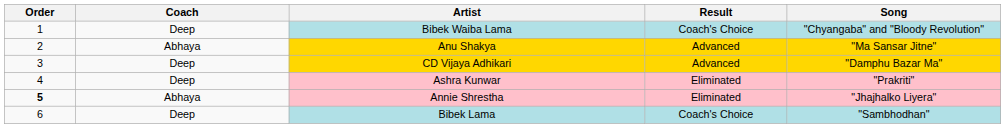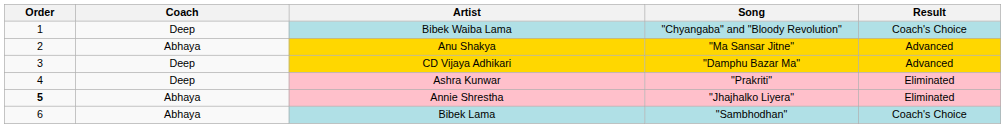 <table class="wikitable plainrowheaders" style="text-align:center; width:75%;">
 <tr>
 <th scope="col" style="width:05%;">Order</th>
 <th scope="col" style="width:15%;">Coach</th>
 <th scope="col" style="width:25%;">Artist</th>
+<th scope="col" style="width:15%;">Song</th>
 <th scope="col" style="width:10%;">Result</th>
-<th scope="col" style="width:15%;">Song</th>
 </tr>
 <tr>
 <td scope="row">1</td>
 <td>Deep</td>
 <td style="background:#b0e0e6">Bibek Waiba Lama</td>
+<td style="background:#b0e0e6">"Chyangaba" and "Bloody Revolution"</td>
 <td style="background:#b0e0e6">Coach's Choice</td>
-<td style="background:#b0e0e6">"Chyangaba" and "Bloody Revolution"</td>
 </tr>
 <tr>
 <td scope="row">2</td>
 <td>Abhaya</td>
 <td style="background:gold">Anu Shakya</td>
+<td style="background:gold">"Ma Sansar Jitne"</td>
 <td style="background:gold">Advanced</td>
-<td style="background:gold">"Ma Sansar Jitne"</td>
 </tr>
 <tr>
 <td scope="row">3</td>
 <td>Deep</td>
 <td style="background:gold">CD Vijaya Adhikari</td>
+<td style="background:gold">"Damphu Bazar Ma"</td>
 <td style="background:gold">Advanced</td>
-<td style="background:gold">"Damphu Bazar Ma"</td>
 </tr>
 <tr>
 <td scope="row">4</td>
 <td>Deep</td>
 <td style="background:pink">Ashra Kunwar</td>
+<td style="background:pink">"Prakriti"</td>
 <td style="background:pink">Eliminated</td>
-<td style="background:pink">"Prakriti"</td>
 </tr>
 <tr>
 <td scope="row"><strong>5</strong></td>
 <td>Abhaya</td>
 <td style="background:pink">Annie Shrestha</td>
+<td style="background:pink">"Jhajhalko Liyera"</td>
 <td style="background:pink">Eliminated</td>
-<td style="background:pink">"Jhajhalko Liyera"</td>
 </tr>
 <tr>
 <td scope="row">6</td>
-<td>Deep</td>
+<td>Abhaya</td>
 <td style="background:#b0e0e6">Bibek Lama</td>
+<td style="background:#b0e0e6">"Sambhodhan"</td>
 <td style="background:#b0e0e6">Coach's Choice</td>
-<td style="background:#b0e0e6">"Sambhodhan"</td>
 </tr>
 </table>
